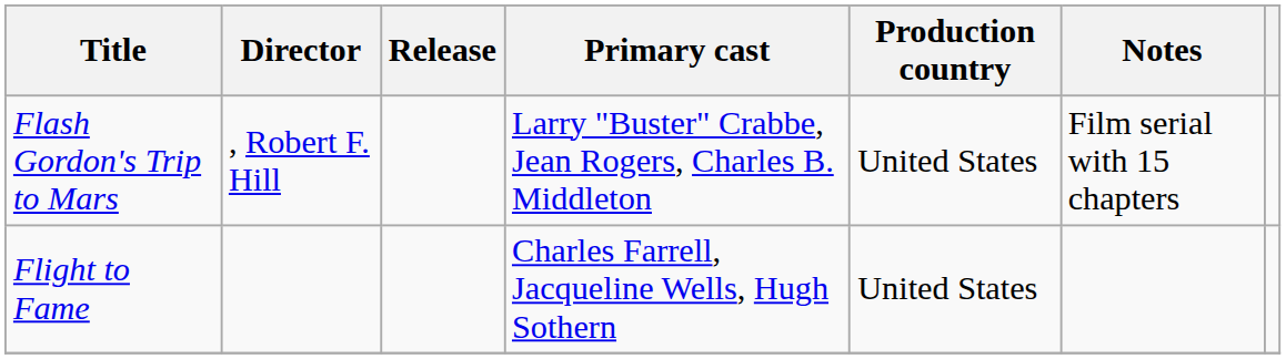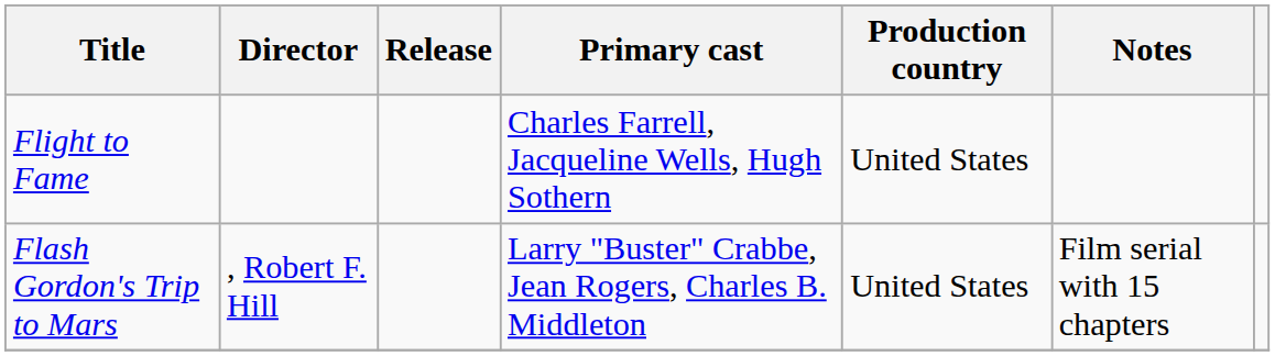 <table class="wikitable sortable">
 <tr>
 <th scope="col">Title</th>
 <th scope="col">Director</th>
 <th scope="col">Release</th>
 <th scope="col" class="unsortable">Primary cast</th>
 <th scope="col">Production country</th>
 <th scope="col">Notes</th>
 <th scope="col" class="unsortable"></th>
 </tr>
 <tr>
+<td><em><a href='#'>Flight to Fame</a></em></td>
+<td></td>
+<td></td>
+<td><a href='#'>Charles Farrell</a>, <a href='#'>Jacqueline Wells</a>, <a href='#'>Hugh Sothern</a></td>
+<td>United States</td>
+<td></td>
+<td></td>
+</tr>
+<tr>
 <td><em><a href='#'>Flash Gordon's Trip to Mars</a></em></td>
 <td>, <a href='#'>Robert F. Hill</a></td>
 <td></td>
 <td><a href='#'>Larry "Buster" Crabbe</a>, <a href='#'>Jean Rogers</a>, <a href='#'>Charles B. Middleton</a></td>
 <td>United States</td>
 <td>Film serial with 15 chapters</td>
 <td></td>
 </tr>
 <tr>
-<td><em><a href='#'>Flight to Fame</a></em></td>
-<td></td>
-<td></td>
-<td><a href='#'>Charles Farrell</a>, <a href='#'>Jacqueline Wells</a>, <a href='#'>Hugh Sothern</a></td>
-<td>United States</td>
-<td></td>
-<td></td>
-</tr>
-<tr>
 </tr>
 </table>
